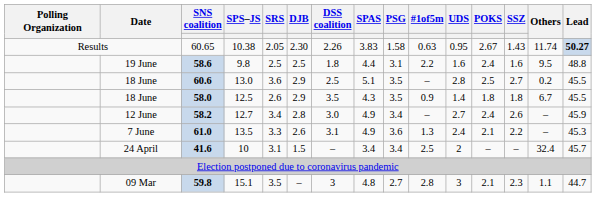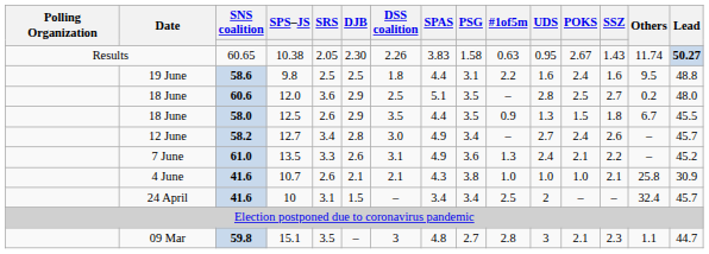 <table class="wikitable" style="text-align:center; font-size:85%; line-height:16px; margin-bottom:0">
 <tr>
 <th rowspan="2" style="width:120px;">Polling Organization</th>
 <th rowspan="2" style="width:100px;">Date</th>
 <th><a href='#'>SNS<br>coalition</a></th>
 <th><a href='#'>SPS</a>–<a href='#'>JS</a></th>
 <th><a href='#'>SRS</a></th>
 <th><a href='#'>DJB</a></th>
 <th><a href='#'>DSS<br>coalition</a></th>
 <th><a href='#'>SPAS</a></th>
 <th><a href='#'>PSG</a></th>
 <th><a href='#'>#1of5m</a></th>
 <th><a href='#'>UDS</a></th>
 <th><a href='#'>POKS</a></th>
 <th><a href='#'>SSZ</a></th>
 <th rowspan="2">Others</th>
 <th rowspan="2">Lead</th>
 </tr>
 <tr>
 <th style="background:"></th>
 <th style="background:"></th>
 <th style="background:"></th>
 <th style="background:"></th>
 <th style="background:"></th>
 <th style="background:"></th>
 <th style="background:"></th>
 <th style="background:"></th>
 <th style="background:"></th>
 <th style="background:"></th>
 <th style="background:"></th>
 </tr>
 <tr>
 <td colspan="2" >Results</td>
 <td>60.65</td>
 <td>10.38</td>
 <td>2.05</td>
 <td>2.30</td>
 <td>2.26</td>
 <td>3.83</td>
 <td>1.58</td>
 <td>0.63</td>
 <td>0.95</td>
 <td>2.67</td>
 <td>1.43</td>
 <td>11.74</td>
 <td style="background: #C8D9EC; color: black; vertical-align: middle; text-align: center;font-weight:bold; ">50.27</td>
 </tr>
 <tr>
 <td></td>
 <td>19 June</td>
 <td style="background:#C8D9EC"><strong>58.6</strong></td>
 <td>9.8</td>
 <td>2.5</td>
 <td>2.5</td>
 <td>1.8</td>
 <td>4.4</td>
 <td>3.1</td>
 <td>2.2</td>
 <td>1.6</td>
 <td>2.4</td>
 <td>1.6</td>
 <td>9.5</td>
 <td style="background:">48.8</td>
 </tr>
 <tr>
 <td></td>
 <td>18 June</td>
 <td style="background:#C8D9EC"><strong>60.6</strong></td>
-<td>13.0</td>
+<td>12.0</td>
 <td>3.6</td>
 <td>2.9</td>
 <td>2.5</td>
 <td>5.1</td>
 <td>3.5</td>
 <td>–</td>
 <td>2.8</td>
 <td>2.5</td>
 <td>2.7</td>
 <td>0.2</td>
-<td style="background:">45.5</td>
+<td style="background:">48.0</td>
 </tr>
 <tr>
 <td></td>
 <td>18 June</td>
 <td style="background:#C8D9EC"><strong>58.0</strong></td>
 <td>12.5</td>
 <td>2.6</td>
 <td>2.9</td>
 <td>3.5</td>
-<td>4.3</td>
+<td>4.4</td>
 <td>3.5</td>
 <td>0.9</td>
-<td>1.4</td>
-<td>1.8</td>
+<td>1.3</td>
+<td>1.5</td>
 <td>1.8</td>
 <td>6.7</td>
 <td style="background:">45.5</td>
 </tr>
 <tr>
 <td></td>
 <td>12 June</td>
 <td style="background:#C8D9EC"><strong>58.2</strong></td>
 <td>12.7</td>
 <td>3.4</td>
 <td>2.8</td>
 <td>3.0</td>
 <td>4.9</td>
 <td>3.4</td>
 <td>–</td>
 <td>2.7</td>
 <td>2.4</td>
 <td>2.6</td>
 <td>–</td>
-<td style="background:">45.9</td>
+<td style="background:">45.7</td>
 </tr>
 <tr>
 <td></td>
 <td>7 June</td>
 <td style="background:#C8D9EC"><strong>61.0</strong></td>
 <td>13.5</td>
 <td>3.3</td>
 <td>2.6</td>
 <td>3.1</td>
 <td>4.9</td>
 <td>3.6</td>
 <td>1.3</td>
 <td>2.4</td>
 <td>2.1</td>
 <td>2.2</td>
 <td>–</td>
-<td style="background:">45.3</td>
+<td style="background:">45.2</td>
+</tr>
+<tr>
+<td></td>
+<td>4 June</td>
+<td style="background:#C8D9EC"><strong>41.6</strong></td>
+<td>10.7</td>
+<td>2.6</td>
+<td>2.1</td>
+<td>2.1</td>
+<td>4.3</td>
+<td>3.8</td>
+<td>1.0</td>
+<td>1.0</td>
+<td>1.0</td>
+<td>2.1</td>
+<td>25.8</td>
+<td style="background:">30.9</td>
 </tr>
 <tr>
 <td></td>
 <td>24 April</td>
 <td style="background:#C8D9EC"><strong>41.6</strong></td>
 <td>10</td>
 <td>3.1</td>
 <td>1.5</td>
 <td>–</td>
 <td>3.4</td>
 <td>3.4</td>
 <td>2.5</td>
 <td>2</td>
 <td>–</td>
 <td>–</td>
 <td>32.4</td>
 <td style="background:">45.7</td>
 </tr>
 <tr>
 <td colspan="15" style="background:#D0D0D0; color:black"><a href='#'>Election postponed due to coronavirus pandemic</a></td>
 </tr>
 <tr>
 <td></td>
 <td>09 Mar</td>
 <td style="background:#C8D9EC"><strong>59.8</strong></td>
 <td>15.1</td>
 <td>3.5</td>
 <td>–</td>
 <td>3</td>
 <td>4.8</td>
 <td>2.7</td>
 <td>2.8</td>
 <td>3</td>
 <td>2.1</td>
 <td>2.3</td>
 <td>1.1</td>
 <td style="background:">44.7</td>
 </tr>
 </table>
